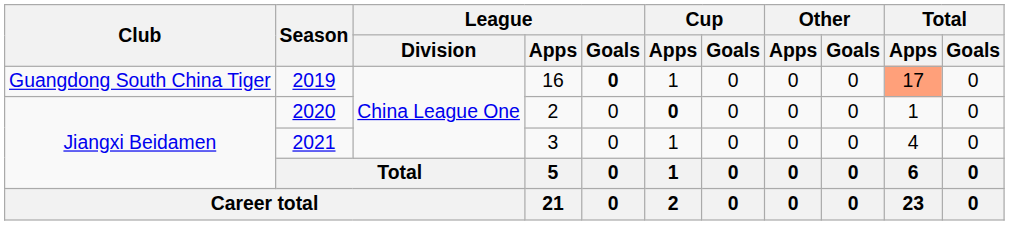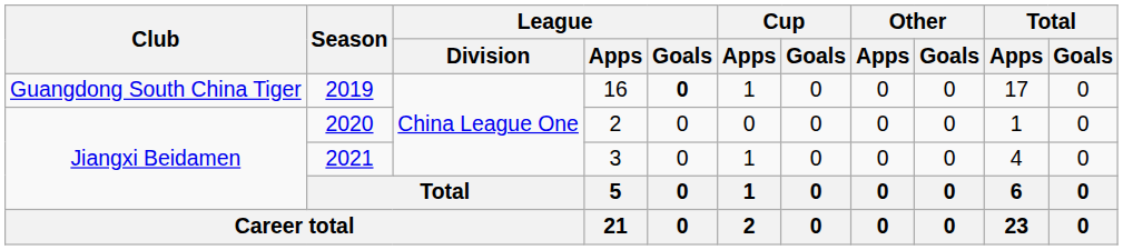 <table class="wikitable" style="text-align: center">
 <tr>
 <th rowspan="2">Club</th>
 <th rowspan="2">Season</th>
 <th colspan="3">League</th>
 <th colspan="2">Cup</th>
 <th colspan="2">Other</th>
 <th colspan="2">Total</th>
 </tr>
 <tr>
 <th>Division</th>
 <th>Apps</th>
 <th>Goals</th>
 <th>Apps</th>
 <th>Goals</th>
 <th>Apps</th>
 <th>Goals</th>
 <th>Apps</th>
 <th>Goals</th>
 </tr>
 <tr>
 <td><a href='#'>Guangdong South China Tiger</a></td>
 <td><a href='#'>2019</a></td>
 <td rowspan="3"><a href='#'>China League One</a></td>
 <td>16</td>
 <td><strong>0</strong></td>
 <td>1</td>
 <td>0</td>
 <td>0</td>
 <td>0</td>
-<td style="background: lightsalmon;">17</td>
+<td>17</td>
 <td>0</td>
 </tr>
 <tr>
 <td rowspan="3"><a href='#'>Jiangxi Beidamen</a></td>
 <td><a href='#'>2020</a></td>
 <td>2</td>
 <td>0</td>
-<td><strong>0</strong></td>
+<td>0</td>
 <td>0</td>
 <td>0</td>
 <td>0</td>
 <td>1</td>
 <td>0</td>
 </tr>
 <tr>
 <td><a href='#'>2021</a></td>
 <td>3</td>
 <td>0</td>
 <td>1</td>
 <td>0</td>
 <td>0</td>
 <td>0</td>
 <td>4</td>
 <td>0</td>
 </tr>
 <tr>
 <th colspan=2>Total</th>
 <th>5</th>
 <th>0</th>
 <th>1</th>
 <th>0</th>
 <th>0</th>
 <th>0</th>
 <th>6</th>
 <th>0</th>
 </tr>
 <tr>
 <th colspan=3>Career total</th>
 <th>21</th>
 <th>0</th>
 <th>2</th>
 <th>0</th>
 <th>0</th>
 <th>0</th>
 <th>23</th>
 <th>0</th>
 </tr>
 </table>
